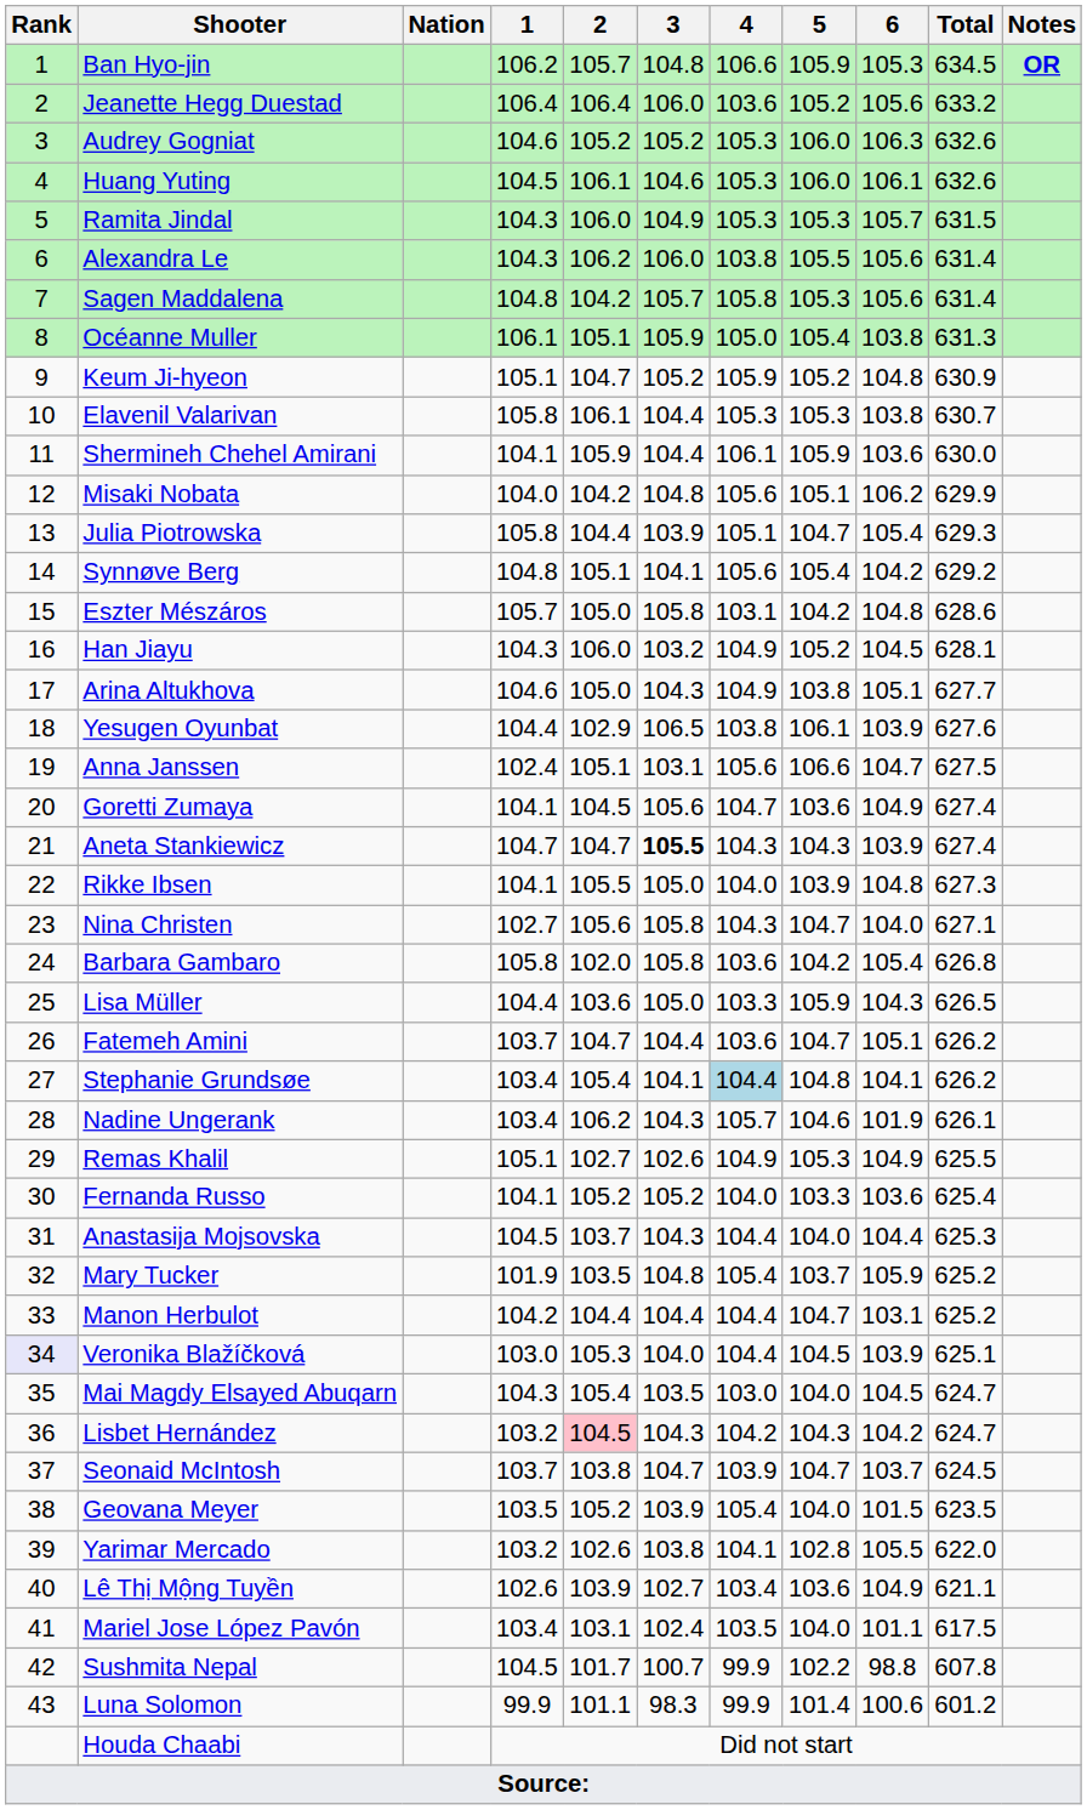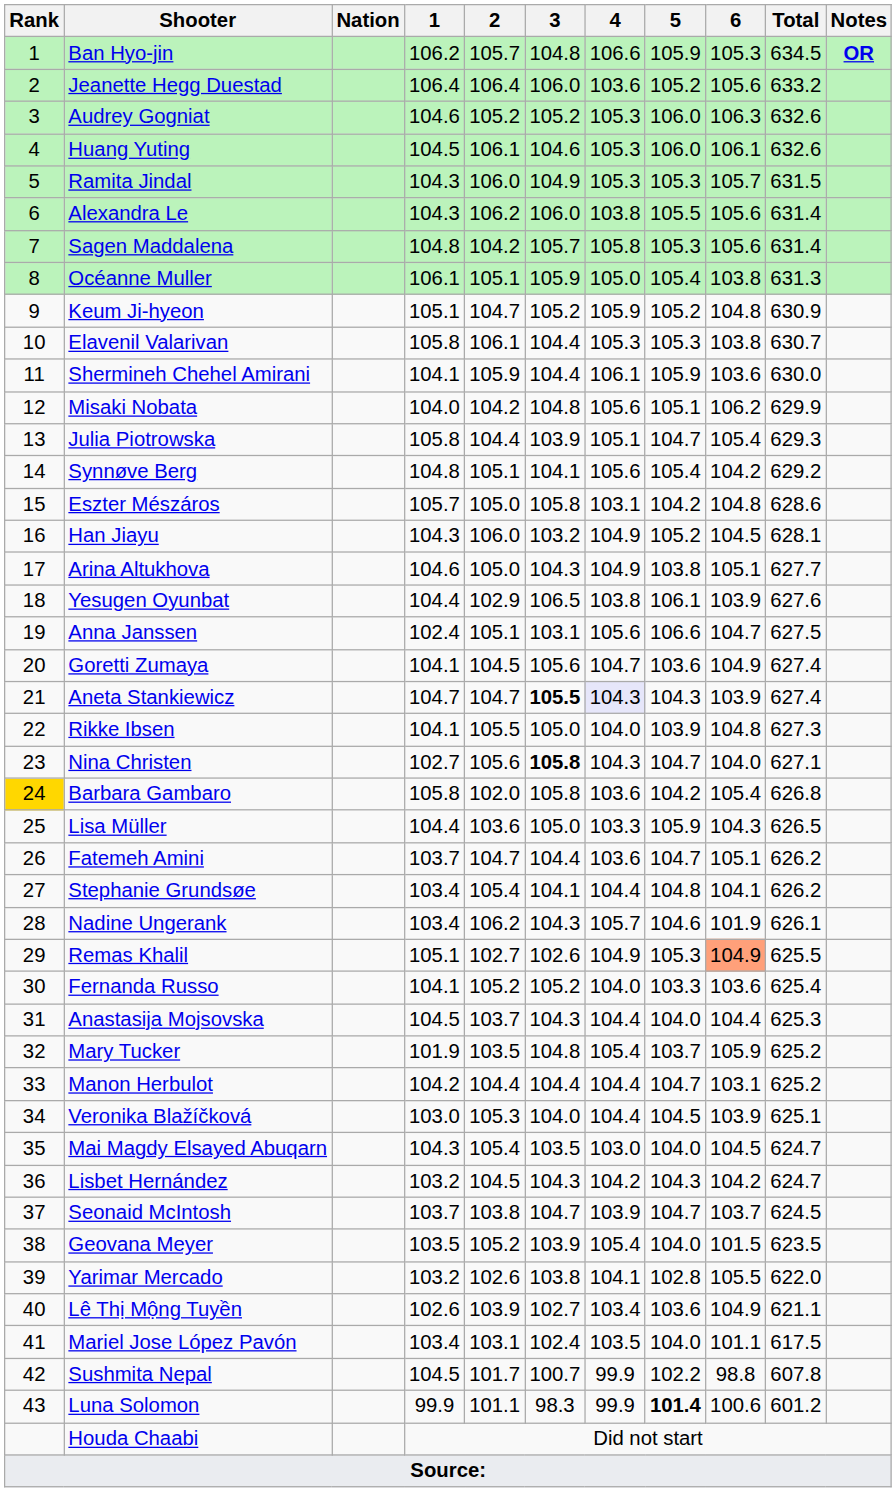 <table class="wikitable sortable" style="text-align:center">
 <tr>
 <th>Rank</th>
 <th>Shooter</th>
 <th>Nation</th>
 <th>1</th>
 <th>2</th>
 <th>3</th>
 <th>4</th>
 <th>5</th>
 <th>6</th>
 <th>Total</th>
 <th>Notes</th>
 </tr>
 <tr bgcolor=#bbf3bb>
 <td>1</td>
 <td align=left><a href='#'>Ban Hyo-jin</a></td>
 <td align=left></td>
 <td>106.2</td>
 <td>105.7</td>
 <td>104.8</td>
 <td>106.6</td>
 <td>105.9</td>
 <td>105.3</td>
 <td>634.5</td>
 <td> <strong><a href='#'>OR</a></strong></td>
 </tr>
 <tr bgcolor=#bbf3bb>
 <td>2</td>
 <td align=left><a href='#'>Jeanette Hegg Duestad</a></td>
 <td align=left></td>
 <td>106.4</td>
 <td>106.4</td>
 <td>106.0</td>
 <td>103.6</td>
 <td>105.2</td>
 <td>105.6</td>
 <td>633.2</td>
 <td></td>
 </tr>
 <tr bgcolor=#bbf3bb>
 <td>3</td>
 <td align=left><a href='#'>Audrey Gogniat</a></td>
 <td align=left></td>
 <td>104.6</td>
 <td>105.2</td>
 <td>105.2</td>
 <td>105.3</td>
 <td>106.0</td>
 <td>106.3</td>
 <td>632.6</td>
 <td></td>
 </tr>
 <tr bgcolor=#bbf3bb>
 <td>4</td>
 <td align=left><a href='#'>Huang Yuting</a></td>
 <td align=left></td>
 <td>104.5</td>
 <td>106.1</td>
 <td>104.6</td>
 <td>105.3</td>
 <td>106.0</td>
 <td>106.1</td>
 <td>632.6</td>
 <td></td>
 </tr>
 <tr bgcolor=#bbf3bb>
 <td>5</td>
 <td align=left><a href='#'>Ramita Jindal</a></td>
 <td align=left></td>
 <td>104.3</td>
 <td>106.0</td>
 <td>104.9</td>
 <td>105.3</td>
 <td>105.3</td>
 <td>105.7</td>
 <td>631.5</td>
 <td></td>
 </tr>
 <tr bgcolor=#bbf3bb>
 <td>6</td>
 <td align=left><a href='#'>Alexandra Le</a></td>
 <td align=left></td>
 <td>104.3</td>
 <td>106.2</td>
 <td>106.0</td>
 <td>103.8</td>
 <td>105.5</td>
 <td>105.6</td>
 <td>631.4</td>
 <td></td>
 </tr>
 <tr bgcolor=#bbf3bb>
 <td>7</td>
 <td align=left><a href='#'>Sagen Maddalena</a></td>
 <td align=left></td>
 <td>104.8</td>
 <td>104.2</td>
 <td>105.7</td>
 <td>105.8</td>
 <td>105.3</td>
 <td>105.6</td>
 <td>631.4</td>
 <td></td>
 </tr>
 <tr bgcolor=#bbf3bb>
 <td>8</td>
 <td align=left><a href='#'>Océanne Muller</a></td>
 <td align=left></td>
 <td>106.1</td>
 <td>105.1</td>
 <td>105.9</td>
 <td>105.0</td>
 <td>105.4</td>
 <td>103.8</td>
 <td>631.3</td>
 <td></td>
 </tr>
 <tr>
 <td>9</td>
 <td align=left><a href='#'>Keum Ji-hyeon</a></td>
 <td align=left></td>
 <td>105.1</td>
 <td>104.7</td>
 <td>105.2</td>
 <td>105.9</td>
 <td>105.2</td>
 <td>104.8</td>
 <td>630.9</td>
 <td></td>
 </tr>
 <tr>
 <td>10</td>
 <td align=left><a href='#'>Elavenil Valarivan</a></td>
 <td align=left></td>
 <td>105.8</td>
 <td>106.1</td>
 <td>104.4</td>
 <td>105.3</td>
 <td>105.3</td>
 <td>103.8</td>
 <td>630.7</td>
 <td></td>
 </tr>
 <tr>
 <td>11</td>
 <td align=left><a href='#'>Shermineh Chehel Amirani</a></td>
 <td align=left></td>
 <td>104.1</td>
 <td>105.9</td>
 <td>104.4</td>
 <td>106.1</td>
 <td>105.9</td>
 <td>103.6</td>
 <td>630.0</td>
 <td></td>
 </tr>
 <tr>
 <td>12</td>
 <td align=left><a href='#'>Misaki Nobata</a></td>
 <td align=left></td>
 <td>104.0</td>
 <td>104.2</td>
 <td>104.8</td>
 <td>105.6</td>
 <td>105.1</td>
 <td>106.2</td>
 <td>629.9</td>
 <td></td>
 </tr>
 <tr>
 <td>13</td>
 <td align=left><a href='#'>Julia Piotrowska</a></td>
 <td align=left></td>
 <td>105.8</td>
 <td>104.4</td>
 <td>103.9</td>
 <td>105.1</td>
 <td>104.7</td>
 <td>105.4</td>
 <td>629.3</td>
 <td></td>
 </tr>
 <tr>
 <td>14</td>
 <td align=left><a href='#'>Synnøve Berg</a></td>
 <td align=left></td>
 <td>104.8</td>
 <td>105.1</td>
 <td>104.1</td>
 <td>105.6</td>
 <td>105.4</td>
 <td>104.2</td>
 <td>629.2</td>
 <td></td>
 </tr>
 <tr>
 <td>15</td>
 <td align=left><a href='#'>Eszter Mészáros</a></td>
 <td align=left></td>
 <td>105.7</td>
 <td>105.0</td>
 <td>105.8</td>
 <td>103.1</td>
 <td>104.2</td>
 <td>104.8</td>
 <td>628.6</td>
 <td></td>
 </tr>
 <tr>
 <td>16</td>
 <td align=left><a href='#'>Han Jiayu</a></td>
 <td align=left></td>
 <td>104.3</td>
 <td>106.0</td>
 <td>103.2</td>
 <td>104.9</td>
 <td>105.2</td>
 <td>104.5</td>
 <td>628.1</td>
 <td></td>
 </tr>
 <tr>
 <td>17</td>
 <td align=left><a href='#'>Arina Altukhova</a></td>
 <td align=left></td>
 <td>104.6</td>
 <td>105.0</td>
 <td>104.3</td>
 <td>104.9</td>
 <td>103.8</td>
 <td>105.1</td>
 <td>627.7</td>
 <td></td>
 </tr>
 <tr>
 <td>18</td>
 <td align=left><a href='#'>Yesugen Oyunbat</a></td>
 <td align=left></td>
 <td>104.4</td>
 <td>102.9</td>
 <td>106.5</td>
 <td>103.8</td>
 <td>106.1</td>
 <td>103.9</td>
 <td>627.6</td>
 <td></td>
 </tr>
 <tr>
 <td>19</td>
 <td align=left><a href='#'>Anna Janssen</a></td>
 <td align=left></td>
 <td>102.4</td>
 <td>105.1</td>
 <td>103.1</td>
 <td>105.6</td>
 <td>106.6</td>
 <td>104.7</td>
 <td>627.5</td>
 <td></td>
 </tr>
 <tr>
 <td>20</td>
 <td align=left><a href='#'>Goretti Zumaya</a></td>
 <td align=left></td>
 <td>104.1</td>
 <td>104.5</td>
 <td>105.6</td>
 <td>104.7</td>
 <td>103.6</td>
 <td>104.9</td>
 <td>627.4</td>
 <td></td>
 </tr>
 <tr>
 <td>21</td>
 <td align=left><a href='#'>Aneta Stankiewicz</a></td>
 <td align=left></td>
 <td>104.7</td>
 <td>104.7</td>
 <td><strong>105.5</strong></td>
-<td>104.3</td>
+<td style="background: lavender;">104.3</td>
 <td>104.3</td>
 <td>103.9</td>
 <td>627.4</td>
 <td></td>
 </tr>
 <tr>
 <td>22</td>
 <td align=left><a href='#'>Rikke Ibsen</a></td>
 <td align=left></td>
 <td>104.1</td>
 <td>105.5</td>
 <td>105.0</td>
 <td>104.0</td>
 <td>103.9</td>
 <td>104.8</td>
 <td>627.3</td>
 <td></td>
 </tr>
 <tr>
 <td>23</td>
 <td align=left><a href='#'>Nina Christen</a></td>
 <td align=left></td>
 <td>102.7</td>
 <td>105.6</td>
-<td>105.8</td>
+<td><strong>105.8</strong></td>
 <td>104.3</td>
 <td>104.7</td>
 <td>104.0</td>
 <td>627.1</td>
 <td></td>
 </tr>
 <tr>
-<td>24</td>
+<td style="background: gold;">24</td>
 <td align=left><a href='#'>Barbara Gambaro</a></td>
 <td align=left></td>
 <td>105.8</td>
 <td>102.0</td>
 <td>105.8</td>
 <td>103.6</td>
 <td>104.2</td>
 <td>105.4</td>
 <td>626.8</td>
 <td></td>
 </tr>
 <tr>
 <td>25</td>
 <td align=left><a href='#'>Lisa Müller</a></td>
 <td align=left></td>
 <td>104.4</td>
 <td>103.6</td>
 <td>105.0</td>
 <td>103.3</td>
 <td>105.9</td>
 <td>104.3</td>
 <td>626.5</td>
 <td></td>
 </tr>
 <tr>
 <td>26</td>
 <td align=left><a href='#'>Fatemeh Amini</a></td>
 <td align=left></td>
 <td>103.7</td>
 <td>104.7</td>
 <td>104.4</td>
 <td>103.6</td>
 <td>104.7</td>
 <td>105.1</td>
 <td>626.2</td>
 <td></td>
 </tr>
 <tr>
 <td>27</td>
 <td align=left><a href='#'>Stephanie Grundsøe</a></td>
 <td align=left></td>
 <td>103.4</td>
 <td>105.4</td>
 <td>104.1</td>
-<td style="background: lightblue;">104.4</td>
+<td>104.4</td>
 <td>104.8</td>
 <td>104.1</td>
 <td>626.2</td>
 <td></td>
 </tr>
 <tr>
 <td>28</td>
 <td align=left><a href='#'>Nadine Ungerank</a></td>
 <td align=left></td>
 <td>103.4</td>
 <td>106.2</td>
 <td>104.3</td>
 <td>105.7</td>
 <td>104.6</td>
 <td>101.9</td>
 <td>626.1</td>
 <td></td>
 </tr>
 <tr>
 <td>29</td>
 <td align=left><a href='#'>Remas Khalil</a></td>
 <td align=left></td>
 <td>105.1</td>
 <td>102.7</td>
 <td>102.6</td>
 <td>104.9</td>
 <td>105.3</td>
-<td>104.9</td>
+<td style="background: lightsalmon;">104.9</td>
 <td>625.5</td>
 <td></td>
 </tr>
 <tr>
 <td>30</td>
 <td align=left><a href='#'>Fernanda Russo</a></td>
 <td align=left></td>
 <td>104.1</td>
 <td>105.2</td>
 <td>105.2</td>
 <td>104.0</td>
 <td>103.3</td>
 <td>103.6</td>
 <td>625.4</td>
 <td></td>
 </tr>
 <tr>
 <td>31</td>
 <td align=left><a href='#'>Anastasija Mojsovska</a></td>
 <td align=left></td>
 <td>104.5</td>
 <td>103.7</td>
 <td>104.3</td>
 <td>104.4</td>
 <td>104.0</td>
 <td>104.4</td>
 <td>625.3</td>
 <td></td>
 </tr>
 <tr>
 <td>32</td>
 <td align=left><a href='#'>Mary Tucker</a></td>
 <td align=left></td>
 <td>101.9</td>
 <td>103.5</td>
 <td>104.8</td>
 <td>105.4</td>
 <td>103.7</td>
 <td>105.9</td>
 <td>625.2</td>
 <td></td>
 </tr>
 <tr>
 <td>33</td>
 <td align=left><a href='#'>Manon Herbulot</a></td>
 <td align=left></td>
 <td>104.2</td>
 <td>104.4</td>
 <td>104.4</td>
 <td>104.4</td>
 <td>104.7</td>
 <td>103.1</td>
 <td>625.2</td>
 <td></td>
 </tr>
 <tr>
-<td style="background: lavender;">34</td>
+<td>34</td>
 <td align=left><a href='#'>Veronika Blažíčková</a></td>
 <td align=left></td>
 <td>103.0</td>
 <td>105.3</td>
 <td>104.0</td>
 <td>104.4</td>
 <td>104.5</td>
 <td>103.9</td>
 <td>625.1</td>
 <td></td>
 </tr>
 <tr>
 <td>35</td>
 <td align=left><a href='#'>Mai Magdy Elsayed Abuqarn</a></td>
 <td align=left></td>
 <td>104.3</td>
 <td>105.4</td>
 <td>103.5</td>
 <td>103.0</td>
 <td>104.0</td>
 <td>104.5</td>
 <td>624.7</td>
 <td></td>
 </tr>
 <tr>
 <td>36</td>
 <td align=left><a href='#'>Lisbet Hernández</a></td>
 <td align=left></td>
 <td>103.2</td>
-<td style="background: pink;">104.5</td>
+<td>104.5</td>
 <td>104.3</td>
 <td>104.2</td>
 <td>104.3</td>
 <td>104.2</td>
 <td>624.7</td>
 <td></td>
 </tr>
 <tr>
 <td>37</td>
 <td align=left><a href='#'>Seonaid McIntosh</a></td>
 <td align=left></td>
 <td>103.7</td>
 <td>103.8</td>
 <td>104.7</td>
 <td>103.9</td>
 <td>104.7</td>
 <td>103.7</td>
 <td>624.5</td>
 <td></td>
 </tr>
 <tr>
 <td>38</td>
 <td align=left><a href='#'>Geovana Meyer</a></td>
 <td align=left></td>
 <td>103.5</td>
 <td>105.2</td>
 <td>103.9</td>
 <td>105.4</td>
 <td>104.0</td>
 <td>101.5</td>
 <td>623.5</td>
 <td></td>
 </tr>
 <tr>
 <td>39</td>
 <td align=left><a href='#'>Yarimar Mercado</a></td>
 <td align=left></td>
 <td>103.2</td>
 <td>102.6</td>
 <td>103.8</td>
 <td>104.1</td>
 <td>102.8</td>
 <td>105.5</td>
 <td>622.0</td>
 <td></td>
 </tr>
 <tr>
 <td>40</td>
 <td align=left><a href='#'>Lê Thị Mộng Tuyền</a></td>
 <td align=left></td>
 <td>102.6</td>
 <td>103.9</td>
 <td>102.7</td>
 <td>103.4</td>
 <td>103.6</td>
 <td>104.9</td>
 <td>621.1</td>
 <td></td>
 </tr>
 <tr>
 <td>41</td>
 <td align=left><a href='#'>Mariel Jose López Pavón</a></td>
 <td align=left></td>
 <td>103.4</td>
 <td>103.1</td>
 <td>102.4</td>
 <td>103.5</td>
 <td>104.0</td>
 <td>101.1</td>
 <td>617.5</td>
 <td></td>
 </tr>
 <tr>
 <td>42</td>
 <td align=left><a href='#'>Sushmita Nepal</a></td>
 <td align=left></td>
 <td>104.5</td>
 <td>101.7</td>
 <td>100.7</td>
 <td>99.9</td>
 <td>102.2</td>
 <td>98.8</td>
 <td>607.8</td>
 <td></td>
 </tr>
 <tr>
 <td>43</td>
 <td align=left><a href='#'>Luna Solomon</a></td>
 <td align=left></td>
 <td>99.9</td>
 <td>101.1</td>
 <td>98.3</td>
 <td>99.9</td>
-<td>101.4</td>
+<td><strong>101.4</strong></td>
 <td>100.6</td>
 <td>601.2</td>
 <td></td>
 </tr>
 <tr>
 <td></td>
 <td align=left><a href='#'>Houda Chaabi</a></td>
 <td align=left></td>
 <td colspan="8">Did not start</td>
 </tr>
 <tr>
 <td colspan="11" style="background-color:#EAECF0;text-align:center"><strong>Source:</strong></td>
 </tr>
 </table>
